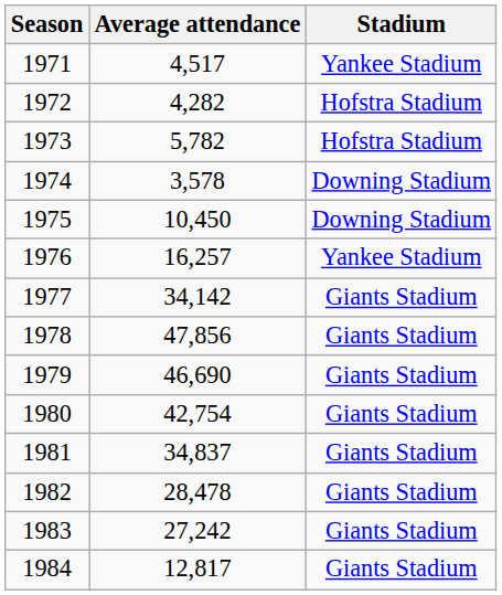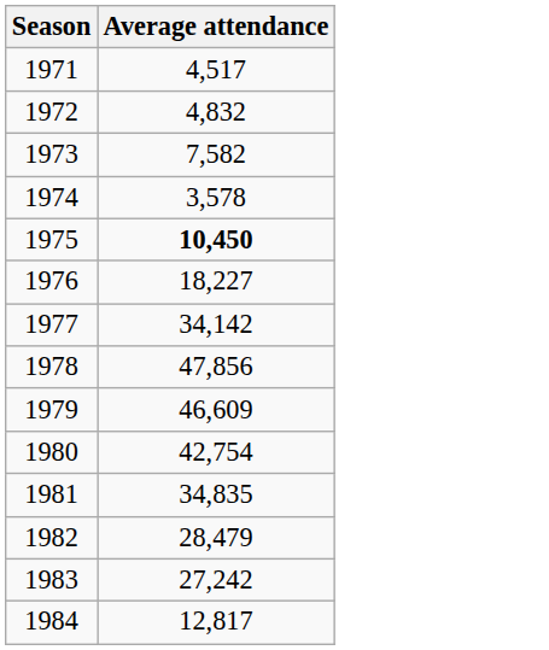 <table class="wikitable sortable" style="text-align: center;">
 <tr>
 <th>Season</th>
 <th>Average attendance</th>
-<th>Stadium</th>
 </tr>
 <tr>
 <td>1971</td>
 <td align="center">4,517</td>
-<td><a href='#'>Yankee Stadium</a></td>
 </tr>
 <tr>
 <td>1972</td>
-<td align="center">4,282</td>
-<td><a href='#'>Hofstra Stadium</a></td>
+<td align="center">4,832</td>
 </tr>
 <tr>
 <td>1973</td>
-<td align="center">5,782</td>
-<td><a href='#'>Hofstra Stadium</a></td>
+<td align="center">7,582</td>
 </tr>
 <tr>
 <td>1974</td>
 <td align="center">3,578</td>
-<td><a href='#'>Downing Stadium</a></td>
 </tr>
 <tr>
 <td>1975</td>
-<td align="center">10,450</td>
-<td><a href='#'>Downing Stadium</a></td>
+<td align="center"><strong>10,450</strong></td>
 </tr>
 <tr>
 <td>1976</td>
-<td align="center">16,257</td>
-<td><a href='#'>Yankee Stadium</a></td>
+<td align="center">18,227</td>
 </tr>
 <tr>
 <td>1977</td>
 <td align="center">34,142</td>
-<td><a href='#'>Giants Stadium</a></td>
 </tr>
 <tr>
 <td>1978</td>
 <td align="center">47,856</td>
-<td><a href='#'>Giants Stadium</a></td>
 </tr>
 <tr>
 <td>1979</td>
-<td align="center">46,690</td>
-<td><a href='#'>Giants Stadium</a></td>
+<td align="center">46,609</td>
 </tr>
 <tr>
 <td>1980</td>
 <td align="center">42,754</td>
-<td><a href='#'>Giants Stadium</a></td>
 </tr>
 <tr>
 <td>1981</td>
-<td align="center">34,837</td>
-<td><a href='#'>Giants Stadium</a></td>
+<td align="center">34,835</td>
 </tr>
 <tr>
 <td>1982</td>
-<td align="center">28,478</td>
-<td><a href='#'>Giants Stadium</a></td>
+<td align="center">28,479</td>
 </tr>
 <tr>
 <td>1983</td>
 <td align="center">27,242</td>
-<td><a href='#'>Giants Stadium</a></td>
 </tr>
 <tr>
 <td>1984</td>
 <td align="center">12,817</td>
-<td><a href='#'>Giants Stadium</a></td>
 </tr>
 </table>
